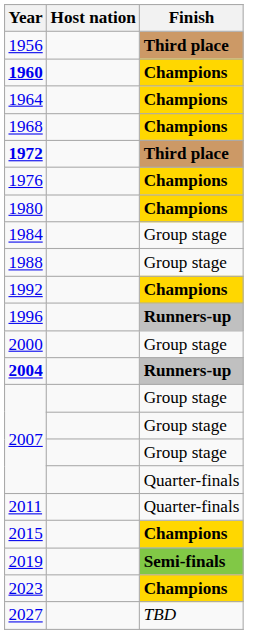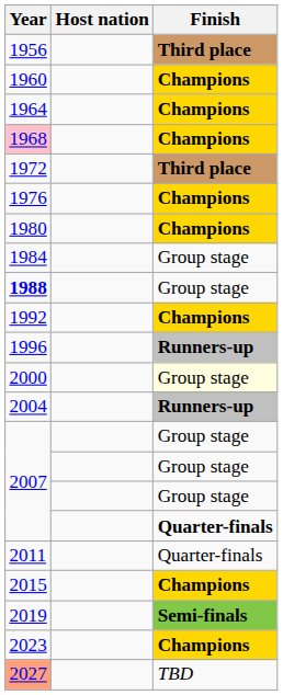 <table class="wikitable sortable">
 <tr>
 <th>Year</th>
 <th>Host nation</th>
 <th>Finish</th>
 </tr>
 <tr>
 <td><a href='#'>1956</a></td>
 <td></td>
 <td bgcolor=#cc9966><strong>Third place</strong></td>
 </tr>
 <tr>
-<td><strong><a href='#'>1960</a></strong></td>
+<td><a href='#'>1960</a></td>
 <td></td>
 <td bgcolor=Gold><strong>Champions</strong></td>
 </tr>
 <tr>
 <td><a href='#'>1964</a></td>
 <td></td>
 <td bgcolor=Gold><strong>Champions</strong></td>
 </tr>
 <tr>
-<td><a href='#'>1968</a></td>
+<td style="background: pink;"><a href='#'>1968</a></td>
 <td></td>
 <td bgcolor=Gold><strong>Champions</strong></td>
 </tr>
 <tr>
-<td><strong><a href='#'>1972</a></strong></td>
+<td><a href='#'>1972</a></td>
 <td></td>
 <td bgcolor=#cc9966><strong>Third place</strong></td>
 </tr>
 <tr>
 <td><a href='#'>1976</a></td>
 <td></td>
 <td bgcolor=Gold><strong>Champions</strong></td>
 </tr>
 <tr>
 <td><a href='#'>1980</a></td>
 <td></td>
 <td bgcolor=Gold><strong>Champions</strong></td>
 </tr>
 <tr>
 <td><a href='#'>1984</a></td>
 <td></td>
 <td>Group stage</td>
 </tr>
 <tr>
-<td><a href='#'>1988</a></td>
+<td><strong><a href='#'>1988</a></strong></td>
 <td></td>
 <td>Group stage</td>
 </tr>
 <tr>
 <td><a href='#'>1992</a></td>
 <td></td>
 <td bgcolor=Gold><strong>Champions</strong></td>
 </tr>
 <tr>
 <td><a href='#'>1996</a></td>
 <td></td>
 <td bgcolor=Silver><strong>Runners-up</strong></td>
 </tr>
 <tr>
 <td><a href='#'>2000</a></td>
 <td></td>
-<td>Group stage</td>
+<td style="background: lightyellow;">Group stage</td>
 </tr>
 <tr>
-<td><strong><a href='#'>2004</a></strong></td>
+<td><a href='#'>2004</a></td>
 <td></td>
 <td bgcolor=Silver><strong>Runners-up</strong></td>
 </tr>
 <tr>
 <td rowspan=4><a href='#'>2007</a></td>
 <td></td>
 <td>Group stage</td>
 </tr>
 <tr>
 <td></td>
 <td>Group stage</td>
 </tr>
 <tr>
 <td></td>
 <td>Group stage</td>
 </tr>
 <tr>
 <td></td>
-<td>Quarter-finals</td>
+<td><strong>Quarter-finals</strong></td>
 </tr>
 <tr>
 <td><a href='#'>2011</a></td>
 <td></td>
 <td>Quarter-finals</td>
 </tr>
 <tr>
 <td><a href='#'>2015</a></td>
 <td></td>
 <td bgcolor=Gold><strong>Champions</strong></td>
 </tr>
 <tr>
 <td><a href='#'>2019</a></td>
 <td></td>
 <td bgcolor=#81c846><strong>Semi-finals</strong></td>
 </tr>
 <tr>
 <td><a href='#'>2023</a></td>
 <td></td>
 <td bgcolor=Gold><strong>Champions</strong></td>
 </tr>
 <tr>
-<td><a href='#'>2027</a></td>
+<td style="background: lightsalmon;"><a href='#'>2027</a></td>
 <td></td>
 <td><em>TBD</em></td>
 </tr>
 </table>
